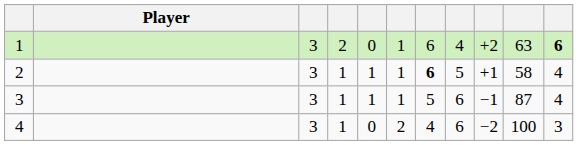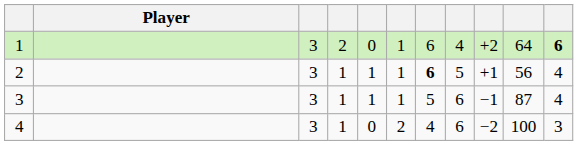 <table class="wikitable" style="text-align:center; margin: 1em auto 1em auto, align:left">
 <tr>
 <th width=20></th>
 <th width=240>Player</th>
 <th width=20></th>
 <th width=20></th>
 <th width=20></th>
 <th width=20></th>
 <th width=20></th>
 <th width=20></th>
 <th width=20></th>
 <th width=30></th>
 <th width=20></th>
 </tr>
 <tr style="background:#D0F0C0;">
 <td>1</td>
 <td align=left></td>
 <td>3</td>
 <td>2</td>
 <td>0</td>
 <td>1</td>
 <td>6</td>
 <td>4</td>
 <td>+2</td>
-<td>63</td>
+<td>64</td>
 <td><strong>6</strong></td>
 </tr>
 <tr style=>
 <td>2</td>
 <td align=left></td>
 <td>3</td>
 <td>1</td>
 <td>1</td>
 <td>1</td>
 <td><strong>6</strong></td>
 <td>5</td>
 <td>+1</td>
-<td>58</td>
+<td>56</td>
 <td>4</td>
 </tr>
 <tr style=>
 <td>3</td>
 <td align=left></td>
 <td>3</td>
 <td>1</td>
 <td>1</td>
 <td>1</td>
 <td>5</td>
 <td>6</td>
 <td>−1</td>
 <td>87</td>
 <td>4</td>
 </tr>
 <tr style=>
 <td>4</td>
 <td align=left></td>
 <td>3</td>
 <td>1</td>
 <td>0</td>
 <td>2</td>
 <td>4</td>
 <td>6</td>
 <td>−2</td>
 <td>100</td>
 <td>3</td>
 </tr>
 </table>
